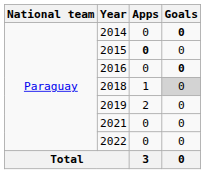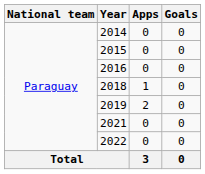 <table class="wikitable" style="text-align:center">
 <tr>
 <th>National team</th>
 <th>Year</th>
 <th>Apps</th>
 <th>Goals</th>
 </tr>
 <tr>
 <td rowspan=7><a href='#'>Paraguay</a></td>
 <td>2014</td>
 <td>0</td>
-<td><strong>0</strong></td>
+<td>0</td>
 </tr>
 <tr>
 <td>2015</td>
-<td><strong>0</strong></td>
+<td>0</td>
 <td>0</td>
 </tr>
 <tr>
 <td>2016</td>
 <td>0</td>
-<td><strong>0</strong></td>
+<td>0</td>
 </tr>
 <tr>
 <td>2018</td>
 <td>1</td>
-<td style="background: lightgrey;">0</td>
+<td>0</td>
 </tr>
 <tr>
 <td>2019</td>
 <td>2</td>
 <td>0</td>
 </tr>
 <tr>
 <td>2021</td>
 <td>0</td>
 <td>0</td>
 </tr>
 <tr>
 <td>2022</td>
 <td>0</td>
 <td>0</td>
 </tr>
 <tr>
 <th colspan=2>Total</th>
 <th>3</th>
 <th>0</th>
 </tr>
 </table>
